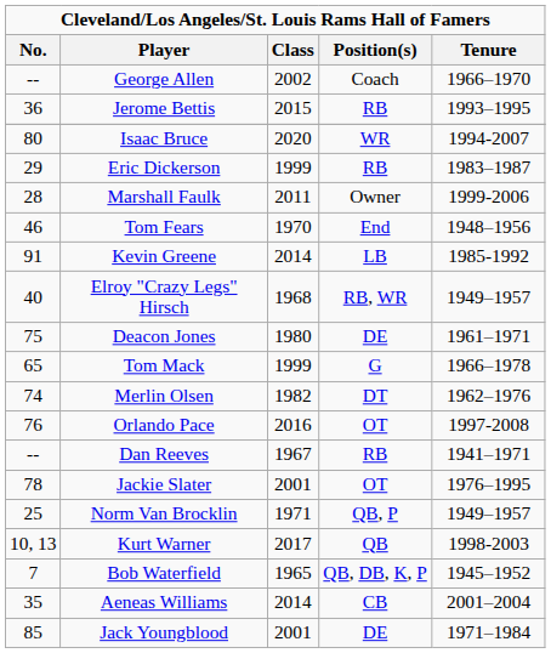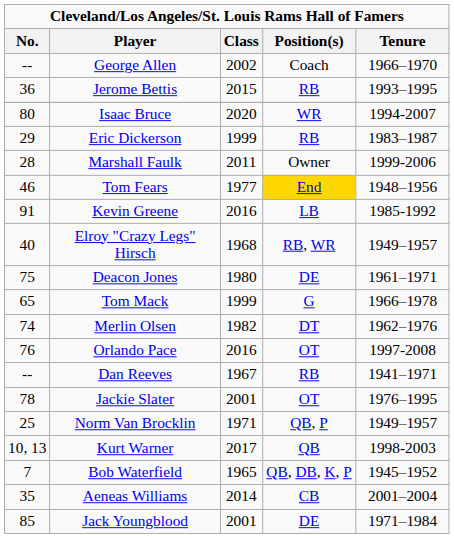 <table class="wikitable" style="text-align:center;">
 <tr>
 <td style="text-align:center;" colspan="5"><strong>Cleveland/Los Angeles/St. Louis Rams Hall of Famers</strong></td>
 </tr>
 <tr>
 <th style="width:40px; ">No.</th>
 <th style="width:170px; ">Player</th>
 <th style="width:30px; ">Class</th>
 <th style="width:90px; ">Position(s)</th>
 <th style="width:90px; ">Tenure</th>
 </tr>
 <tr>
 <td>--</td>
 <td><a href='#'>George Allen</a></td>
 <td>2002</td>
 <td>Coach</td>
 <td>1966–1970</td>
 </tr>
 <tr>
 <td>36</td>
 <td><a href='#'>Jerome Bettis</a></td>
 <td>2015</td>
 <td><a href='#'>RB</a></td>
 <td>1993–1995</td>
 </tr>
 <tr>
 </tr>
 <tr | 76 ||>
 </tr>
 <tr>
 <td>80</td>
 <td><a href='#'>Isaac Bruce</a></td>
 <td>2020</td>
 <td><a href='#'>WR</a></td>
 <td>1994-2007</td>
 </tr>
 <tr>
 <td>29</td>
 <td><a href='#'>Eric Dickerson</a></td>
 <td>1999</td>
 <td><a href='#'>RB</a></td>
 <td>1983–1987</td>
 </tr>
 <tr>
 <td>28</td>
 <td><a href='#'>Marshall Faulk</a></td>
 <td>2011</td>
 <td>Owner</td>
 <td>1999-2006</td>
 </tr>
 <tr>
 <td>46</td>
 <td><a href='#'>Tom Fears</a></td>
-<td>1970</td>
-<td><a href='#'>End</a></td>
+<td>1977</td>
+<td style="background: gold;"><a href='#'>End</a></td>
 <td>1948–1956</td>
 </tr>
 <tr>
 <td>91</td>
 <td><a href='#'>Kevin Greene</a></td>
-<td>2014</td>
+<td>2016</td>
 <td><a href='#'>LB</a></td>
 <td>1985-1992</td>
 </tr>
 <tr>
 <td>40</td>
 <td><a href='#'>Elroy "Crazy Legs" Hirsch</a></td>
 <td>1968</td>
 <td><a href='#'>RB</a>, <a href='#'>WR</a></td>
 <td>1949–1957</td>
 </tr>
 <tr>
 <td>75</td>
 <td><a href='#'>Deacon Jones</a></td>
 <td>1980</td>
 <td><a href='#'>DE</a></td>
 <td>1961–1971</td>
 </tr>
 <tr>
 <td>65</td>
 <td><a href='#'>Tom Mack</a></td>
 <td>1999</td>
 <td><a href='#'>G</a></td>
 <td>1966–1978</td>
 </tr>
 <tr>
 <td>74</td>
 <td><a href='#'>Merlin Olsen</a></td>
 <td>1982</td>
 <td><a href='#'>DT</a></td>
 <td>1962–1976</td>
 </tr>
 <tr>
 <td>76</td>
 <td><a href='#'>Orlando Pace</a></td>
 <td>2016</td>
 <td><a href='#'>OT</a></td>
 <td>1997-2008</td>
 </tr>
 <tr>
 <td>--</td>
 <td><a href='#'>Dan Reeves</a></td>
 <td>1967</td>
 <td><a href='#'>RB</a></td>
 <td>1941–1971</td>
 </tr>
 <tr>
 <td>78</td>
 <td><a href='#'>Jackie Slater</a></td>
 <td>2001</td>
 <td><a href='#'>OT</a></td>
 <td>1976–1995</td>
 </tr>
 <tr>
 <td>25</td>
 <td><a href='#'>Norm Van Brocklin</a></td>
 <td>1971</td>
 <td><a href='#'>QB</a>, <a href='#'>P</a></td>
 <td>1949–1957</td>
 </tr>
 <tr>
 <td>10, 13</td>
 <td><a href='#'>Kurt Warner</a></td>
 <td>2017</td>
 <td><a href='#'>QB</a></td>
 <td>1998-2003</td>
 </tr>
 <tr>
 <td>7</td>
 <td><a href='#'>Bob Waterfield</a></td>
 <td>1965</td>
 <td><a href='#'>QB</a>, <a href='#'>DB</a>, <a href='#'>K</a>, <a href='#'>P</a></td>
 <td>1945–1952</td>
 </tr>
 <tr>
 <td>35</td>
 <td><a href='#'>Aeneas Williams</a></td>
 <td>2014</td>
 <td><a href='#'>CB</a></td>
 <td>2001–2004</td>
 </tr>
 <tr>
 <td>85</td>
 <td><a href='#'>Jack Youngblood</a></td>
 <td>2001</td>
 <td><a href='#'>DE</a></td>
 <td>1971–1984</td>
 </tr>
 </table>
